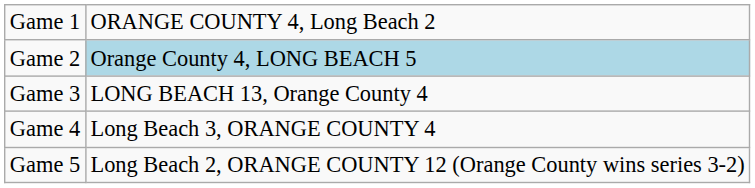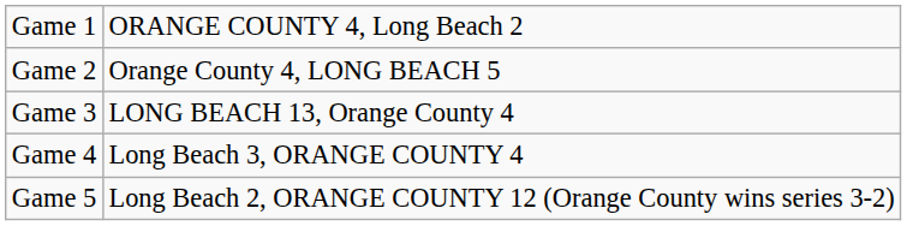 <table class="wikitable">
 <tr>
 <td>Game 1</td>
 <td>ORANGE COUNTY 4, Long Beach 2</td>
 </tr>
 <tr>
 <td>Game 2</td>
-<td style="background: lightblue;">Orange County 4, LONG BEACH 5</td>
+<td>Orange County 4, LONG BEACH 5</td>
 </tr>
 <tr>
 <td>Game 3</td>
 <td>LONG BEACH 13, Orange County 4</td>
 </tr>
 <tr>
 <td>Game 4</td>
 <td>Long Beach 3, ORANGE COUNTY 4</td>
 </tr>
 <tr>
 <td>Game 5</td>
 <td>Long Beach 2, ORANGE COUNTY 12 (Orange County wins series 3-2)</td>
 </tr>
 </table>
